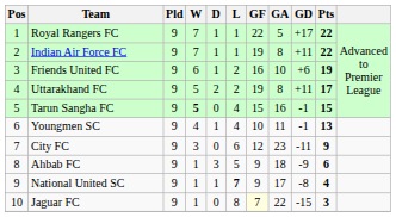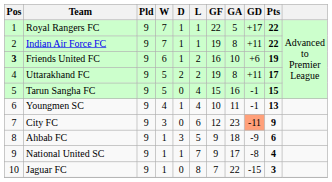 <table class="wikitable" style="text-align: center;">
 <tr>
 <th>Pos</th>
 <th width="175">Team</th>
 <th width="20">Pld</th>
 <th width="20">W</th>
 <th width="20">D</th>
 <th width="20">L</th>
 <th width="20">GF</th>
 <th width="20">GA</th>
 <th width="20">GD</th>
 <th width="20">Pts</th>
 <th width="20"></th>
 </tr>
 <tr bgcolor="#ccffcc">
 <td>1</td>
 <td align="left">Royal Rangers FC</td>
 <td>9</td>
 <td>7</td>
 <td>1</td>
 <td>1</td>
 <td>22</td>
 <td>5</td>
 <td>+17</td>
 <td><strong>22</strong></td>
 <td rowspan="5">Advanced to Premier League</td>
 </tr>
 <tr bgcolor=#ccffcc>
 <td>2</td>
 <td align="left"><a href='#'>Indian Air Force FC</a></td>
 <td>9</td>
 <td>7</td>
 <td>1</td>
 <td>1</td>
 <td>19</td>
 <td>8</td>
 <td>+11</td>
 <td><strong>22</strong></td>
 </tr>
 <tr bgcolor=#ccffcc>
-<td>3</td>
+<td><strong>3</strong></td>
 <td align="left">Friends United FC</td>
 <td>9</td>
 <td>6</td>
 <td>1</td>
 <td>2</td>
 <td>16</td>
 <td>10</td>
 <td>+6</td>
 <td><strong>19</strong></td>
 </tr>
 <tr bgcolor=#ccffcc>
 <td>4</td>
 <td align="left">Uttarakhand FC</td>
 <td>9</td>
 <td>5</td>
 <td>2</td>
 <td>2</td>
 <td>19</td>
 <td>8</td>
 <td>+11</td>
 <td><strong>17</strong></td>
 </tr>
 <tr bgcolor="#ccffcc">
 <td>5</td>
 <td align="left">Tarun Sangha FC</td>
 <td>9</td>
-<td><strong>5</strong></td>
+<td>5</td>
 <td>0</td>
 <td>4</td>
 <td>15</td>
 <td>16</td>
 <td>-1</td>
 <td><strong>15</strong></td>
 </tr>
 <tr>
 <td>6</td>
 <td align="left">Youngmen SC</td>
 <td>9</td>
 <td>4</td>
 <td>1</td>
 <td>4</td>
 <td>10</td>
 <td>11</td>
 <td>-1</td>
 <td><strong>13</strong></td>
 <td></td>
 </tr>
 <tr>
 <td>7</td>
 <td align="left">City FC</td>
 <td>9</td>
 <td>3</td>
 <td>0</td>
 <td>6</td>
 <td>12</td>
 <td>23</td>
-<td>-11</td>
+<td style="background: lightsalmon;">-11</td>
 <td><strong>9</strong></td>
 <td></td>
 </tr>
 <tr>
 <td>8</td>
 <td align="left">Ahbab FC</td>
 <td>9</td>
 <td>1</td>
 <td>3</td>
 <td>5</td>
 <td>9</td>
 <td>18</td>
 <td>-9</td>
 <td><strong>6</strong></td>
 <td></td>
 </tr>
 <tr>
 <td>9</td>
 <td align="left">National United SC</td>
 <td>9</td>
 <td>1</td>
 <td>1</td>
-<td><strong>7</strong></td>
+<td>7</td>
 <td>9</td>
 <td>17</td>
 <td>-8</td>
 <td><strong>4</strong></td>
 <td></td>
 </tr>
 <tr>
 <td>10</td>
 <td align="left">Jaguar FC</td>
 <td>9</td>
 <td>1</td>
 <td>0</td>
 <td>8</td>
-<td style="background: lightyellow;">7</td>
+<td>7</td>
 <td>22</td>
 <td>-15</td>
 <td><strong>3</strong></td>
 <td></td>
 </tr>
 <tr>
 </tr>
 </table>
